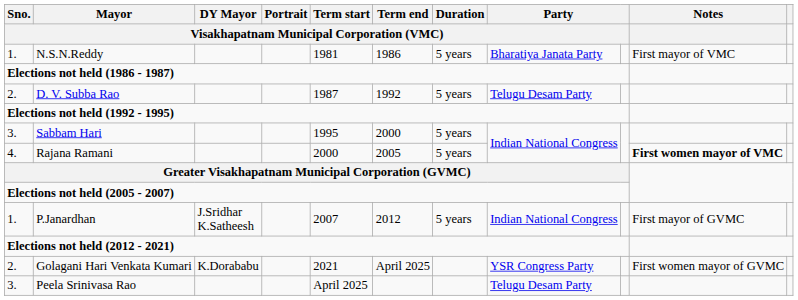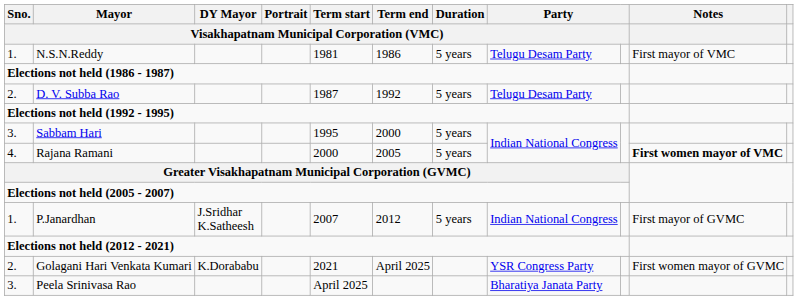 <table class="wikitable sortable">
 <tr>
 <th>Sno.</th>
 <th>Mayor</th>
 <th>DY Mayor</th>
 <th>Portrait</th>
 <th>Term start</th>
 <th>Term end</th>
 <th>Duration</th>
 <th colspan=2>Party</th>
 <th>Notes</th>
 <th></th>
 </tr>
 <tr>
 <th colspan="9">Visakhapatnam Municipal Corporation (VMC)</th>
 <th></th>
 </tr>
 <tr>
 <td>1.</td>
 <td>N.S.N.Reddy</td>
 <td></td>
 <td></td>
 <td>1981</td>
 <td>1986</td>
 <td>5 years</td>
-<td rowspan="1"><a href='#'>Bharatiya Janata Party</a></td>
+<td rowspan="1"><a href='#'>Telugu Desam Party</a></td>
 <td rowspan="1" width="4px" style="background-color: "></td>
 <td>First mayor of VMC</td>
 <td></td>
 </tr>
 <tr>
 <td colspan="9"><strong>Elections not held (1986 - 1987)</strong></td>
 </tr>
 <tr>
 <td>2.</td>
 <td><a href='#'>D. V. Subba Rao</a></td>
 <td></td>
 <td></td>
 <td>1987</td>
 <td>1992</td>
 <td>5 years</td>
 <td rowspan="1"><a href='#'>Telugu Desam Party</a></td>
 <td rowspan="1" width="4px" style="background-color: "></td>
 <td></td>
 <td></td>
 </tr>
 <tr>
 <td colspan="9"><strong>Elections not held (1992 - 1995)</strong></td>
 </tr>
 <tr>
 <td>3.</td>
 <td><a href='#'>Sabbam Hari</a></td>
 <td></td>
 <td></td>
 <td>1995</td>
 <td>2000</td>
 <td>5 years</td>
 <td rowspan="2"><a href='#'>Indian National Congress</a></td>
 <td rowspan="2" width="4px" style="background-color: "></td>
 <td></td>
 <td></td>
 </tr>
 <tr>
 <td>4.</td>
 <td>Rajana Ramani</td>
 <td></td>
 <td></td>
 <td>2000</td>
 <td>2005</td>
 <td>5 years</td>
 <td><strong>First women mayor of VMC</strong></td>
 <td></td>
 </tr>
 <tr>
 <th colspan="9">Greater Visakhapatnam Municipal Corporation (GVMC)</th>
 </tr>
 <tr>
 <td colspan="9"><strong>Elections not held (2005 - 2007)</strong></td>
 </tr>
 <tr>
 <td>1.</td>
 <td>P.Janardhan</td>
 <td>J.Sridhar <br> K.Satheesh</td>
 <td></td>
 <td>2007</td>
 <td>2012</td>
 <td>5 years</td>
 <td><a href='#'>Indian National Congress</a></td>
 <td rowspan=1 width="4px" style="background-color: "></td>
 <td>First mayor of GVMC</td>
 <td></td>
 </tr>
 <tr>
 <td colspan="9"><strong>Elections not held (2012 - 2021)</strong></td>
 </tr>
 <tr>
 <td>2.</td>
 <td>Golagani Hari Venkata Kumari</td>
 <td>K.Dorababu</td>
 <td></td>
 <td>2021</td>
 <td>April 2025</td>
 <td></td>
 <td><a href='#'>YSR Congress Party</a></td>
 <td rowspan=1 width="4px" style="background-color: "></td>
 <td>First women mayor of GVMC</td>
 <td></td>
 </tr>
 <tr>
 <td>3.</td>
 <td>Peela Srinivasa Rao</td>
 <td></td>
 <td></td>
 <td>April 2025</td>
 <td></td>
 <td></td>
-<td rowspan="1"><a href='#'>Telugu Desam Party</a></td>
+<td rowspan="1"><a href='#'>Bharatiya Janata Party</a></td>
 <td></td>
 <td></td>
 <td></td>
 </tr>
 </table>
